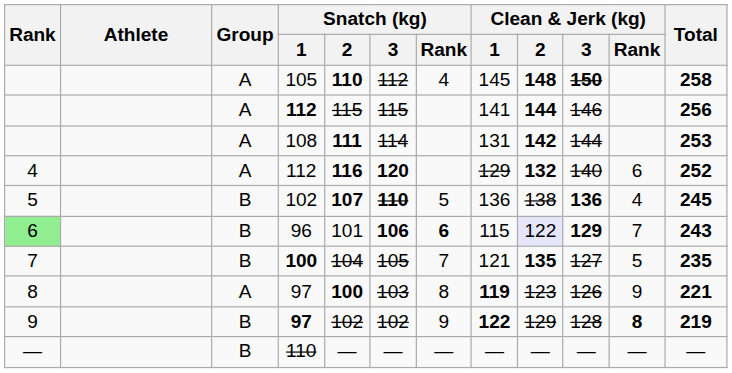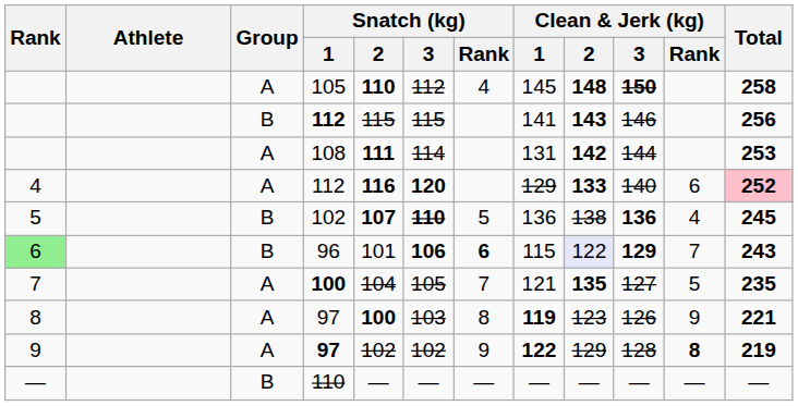 <table class = "wikitable" style="text-align:center;">
 <tr>
 <th rowspan=2 width=40>Rank</th>
 <th rowspan=2 width=250>Athlete</th>
 <th rowspan=2 width=50>Group</th>
 <th colspan=4>Snatch (kg)</th>
 <th colspan=4>Clean & Jerk (kg)</th>
 <th rowspan=2 width=60>Total</th>
 </tr>
 <tr>
 <th width=40>1</th>
 <th width=40>2</th>
 <th width=40>3</th>
 <th width=40>Rank</th>
 <th width=40>1</th>
 <th width=40>2</th>
 <th width=40>3</th>
 <th width=40>Rank</th>
 </tr>
 <tr>
 <td></td>
 <td align=left></td>
 <td>A</td>
 <td>105</td>
 <td><strong>110</strong></td>
 <td><s>112</s></td>
 <td>4</td>
 <td>145</td>
 <td><strong>148</strong></td>
 <td><strong><s>150</s></strong></td>
 <td></td>
 <td><strong>258</strong></td>
 </tr>
 <tr>
 <td></td>
 <td align=left></td>
-<td>A</td>
+<td>B</td>
 <td><strong>112</strong></td>
 <td><s>115</s></td>
 <td><s>115</s></td>
 <td></td>
 <td>141</td>
-<td><strong>144</strong></td>
+<td><strong>143</strong></td>
 <td><s>146</s></td>
 <td></td>
 <td><strong>256</strong></td>
 </tr>
 <tr>
 <td></td>
 <td align=left></td>
 <td>A</td>
 <td>108</td>
 <td><strong>111</strong></td>
 <td><s>114</s></td>
 <td></td>
 <td>131</td>
 <td><strong>142</strong></td>
 <td><s>144</s></td>
 <td></td>
 <td><strong>253</strong></td>
 </tr>
 <tr>
 <td>4</td>
 <td align=left></td>
 <td>A</td>
 <td>112</td>
 <td><strong>116</strong></td>
 <td><strong>120</strong></td>
 <td></td>
 <td><s>129</s></td>
-<td><strong>132</strong></td>
+<td><strong>133</strong></td>
 <td><s>140</s></td>
 <td>6</td>
-<td><strong>252</strong></td>
+<td style="background: pink;"><strong>252</strong></td>
 </tr>
 <tr>
 <td>5</td>
 <td align=left></td>
 <td>B</td>
 <td>102</td>
 <td><strong>107</strong></td>
 <td><strong><s>110</s></strong></td>
 <td>5</td>
 <td>136</td>
 <td><s>138</s></td>
 <td><strong>136</strong></td>
 <td>4</td>
 <td><strong>245</strong></td>
 </tr>
 <tr>
 <td style="background: lightgreen;">6</td>
 <td align=left></td>
 <td>B</td>
 <td>96</td>
 <td>101</td>
 <td><strong>106</strong></td>
 <td><strong>6</strong></td>
 <td>115</td>
 <td style="background: lavender;">122</td>
 <td><strong>129</strong></td>
 <td>7</td>
 <td><strong>243</strong></td>
 </tr>
 <tr>
 <td>7</td>
 <td align=left></td>
-<td>B</td>
+<td>A</td>
 <td><strong>100</strong></td>
 <td><s>104</s></td>
 <td><s>105</s></td>
 <td>7</td>
 <td>121</td>
 <td><strong>135</strong></td>
 <td><s>127</s></td>
 <td>5</td>
 <td><strong>235</strong></td>
 </tr>
 <tr>
 <td>8</td>
 <td align=left></td>
 <td>A</td>
 <td>97</td>
 <td><strong>100</strong></td>
 <td><s>103</s></td>
 <td>8</td>
 <td><strong>119</strong></td>
 <td><s>123</s></td>
 <td><s>126</s></td>
 <td>9</td>
 <td><strong>221</strong></td>
 </tr>
 <tr>
 <td>9</td>
 <td align=left></td>
-<td>B</td>
+<td>A</td>
 <td><strong>97</strong></td>
 <td><s>102</s></td>
 <td><s>102</s></td>
 <td>9</td>
 <td><strong>122</strong></td>
 <td><s>129</s></td>
 <td><s>128</s></td>
 <td><strong>8</strong></td>
 <td><strong>219</strong></td>
 </tr>
 <tr>
 <td>—</td>
 <td align=left></td>
 <td>B</td>
 <td><s>110</s></td>
 <td>—</td>
 <td>—</td>
 <td>—</td>
 <td>—</td>
 <td>—</td>
 <td>—</td>
 <td>—</td>
 <td>—</td>
 </tr>
 </table>
